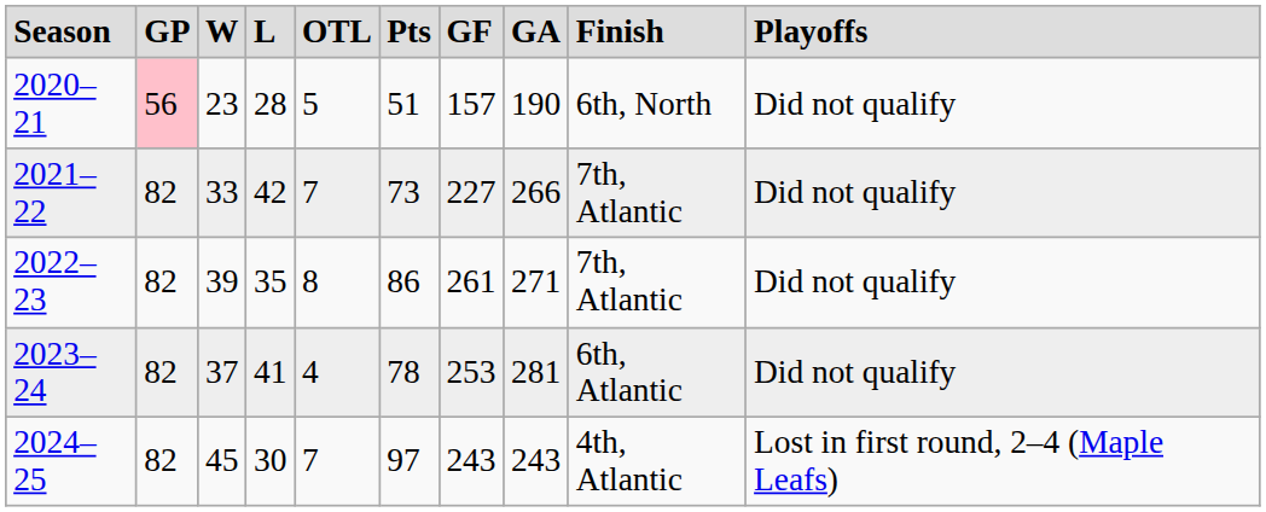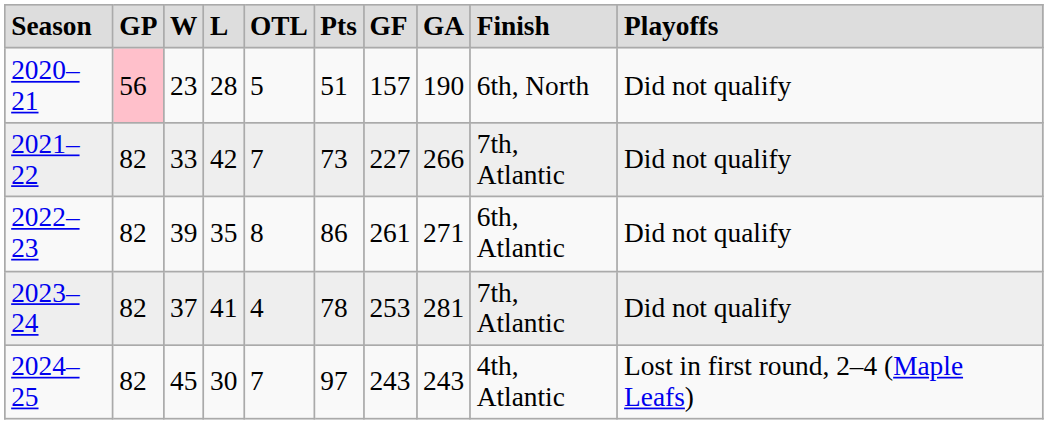 <table class="wikitable">
 <tr style="font-weight:bold; background:#ddd;">
 <td>Season</td>
 <td>GP</td>
 <td>W</td>
 <td>L</td>
 <td>OTL</td>
 <td>Pts</td>
 <td>GF</td>
 <td>GA</td>
 <td>Finish</td>
 <td>Playoffs</td>
 </tr>
 <tr>
 <td><a href='#'>2020–21</a></td>
 <td style="background: pink;">56</td>
 <td>23</td>
 <td>28</td>
 <td>5</td>
 <td>51</td>
 <td>157</td>
 <td>190</td>
 <td>6th, North</td>
 <td>Did not qualify</td>
 </tr>
 <tr style="background:#eee;">
 <td><a href='#'>2021–22</a></td>
 <td>82</td>
 <td>33</td>
 <td>42</td>
 <td>7</td>
 <td>73</td>
 <td>227</td>
 <td>266</td>
 <td>7th, Atlantic</td>
 <td>Did not qualify</td>
 </tr>
 <tr>
 <td><a href='#'>2022–23</a></td>
 <td>82</td>
 <td>39</td>
 <td>35</td>
 <td>8</td>
 <td>86</td>
 <td>261</td>
 <td>271</td>
-<td>7th, Atlantic</td>
+<td>6th, Atlantic</td>
 <td>Did not qualify</td>
 </tr>
 <tr style="background:#eee;">
 <td><a href='#'>2023–24</a></td>
 <td>82</td>
 <td>37</td>
 <td>41</td>
 <td>4</td>
 <td>78</td>
 <td>253</td>
 <td>281</td>
-<td>6th, Atlantic</td>
+<td>7th, Atlantic</td>
 <td>Did not qualify</td>
 </tr>
 <tr>
 <td><a href='#'>2024–25</a></td>
 <td>82</td>
 <td>45</td>
 <td>30</td>
 <td>7</td>
 <td>97</td>
 <td>243</td>
 <td>243</td>
 <td>4th, Atlantic</td>
 <td>Lost in first round, 2–4 (<a href='#'>Maple Leafs</a>)</td>
 </tr>
 </table>
